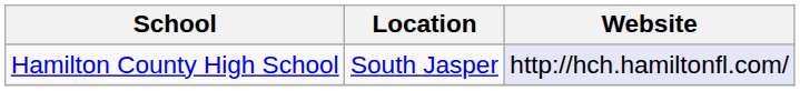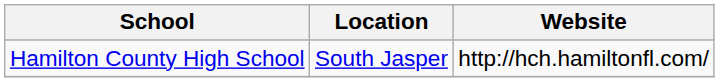 <table class="wikitable" style="text-align:center">
 <tr>
 <th>School</th>
 <th>Location</th>
 <th>Website</th>
 </tr>
 <tr>
 <td><a href='#'>Hamilton County High School</a></td>
 <td><a href='#'>South Jasper</a></td>
-<td style="background: lavender;">http://hch.hamiltonfl.com/</td>
+<td>http://hch.hamiltonfl.com/</td>
 </tr>
 <tr>
 </tr>
 </table>
